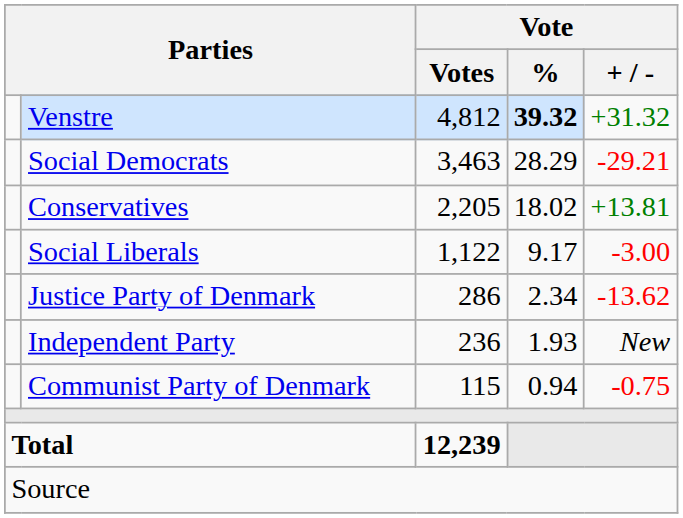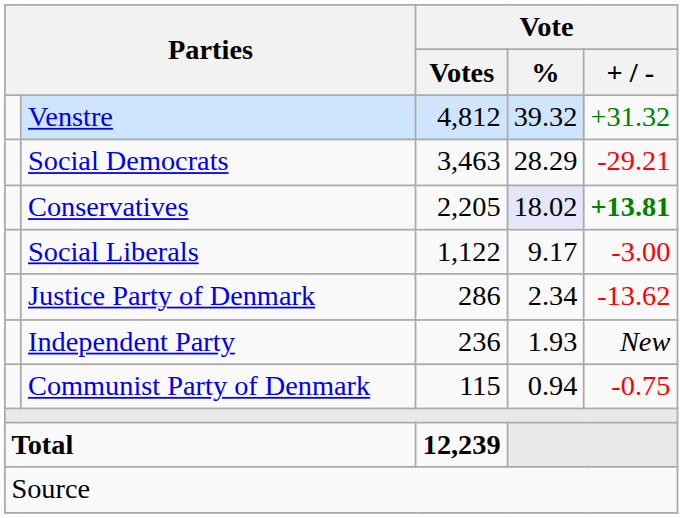 <table class="wikitable" style="text-align:right;">
 <tr>
 <th style="text-align:centre;" rowspan="2" colspan="2" width="225">Parties</th>
 <th colspan="3">Vote</th>
 </tr>
 <tr>
 <th width="15">Votes</th>
 <th width="15">%</th>
 <th width="15">+ / -</th>
 </tr>
 <tr>
 <td width="2" style="color:inherit;background:"></td>
 <td bgcolor=#cfe5fe  align="left"><a href='#'>Venstre</a></td>
 <td bgcolor=#cfe5fe>4,812</td>
-<td bgcolor=#cfe5fe><strong>39.32</strong></td>
+<td bgcolor=#cfe5fe>39.32</td>
 <td style=color:green;>+31.32</td>
 </tr>
 <tr>
 <td width="2" style="color:inherit;background:"></td>
 <td align="left"><a href='#'>Social Democrats</a></td>
 <td>3,463</td>
 <td>28.29</td>
 <td style=color:red;>-29.21</td>
 </tr>
 <tr>
 <td width="2" style="color:inherit;background:"></td>
 <td align="left"><a href='#'>Conservatives</a></td>
 <td>2,205</td>
-<td>18.02</td>
-<td style=color:green;>+13.81</td>
+<td style="background: lavender;">18.02</td>
+<td style=color:green;><strong>+13.81</strong></td>
 </tr>
 <tr>
 <td width="2" style="color:inherit;background:"></td>
 <td align="left"><a href='#'>Social Liberals</a></td>
 <td>1,122</td>
 <td>9.17</td>
 <td style=color:red;>-3.00</td>
 </tr>
 <tr>
 <td width="2" style="color:inherit;background:"></td>
 <td align="left"><a href='#'>Justice Party of Denmark</a></td>
 <td>286</td>
 <td>2.34</td>
 <td style=color:red;>-13.62</td>
 </tr>
 <tr>
 <td width="2" style="color:inherit;background:"></td>
 <td align="left"><a href='#'>Independent Party</a></td>
 <td>236</td>
 <td>1.93</td>
 <td><em>New</em></td>
 </tr>
 <tr>
 <td width="2" style="color:inherit;background:"></td>
 <td align="left"><a href='#'>Communist Party of Denmark</a></td>
 <td>115</td>
 <td>0.94</td>
 <td style=color:red;>-0.75</td>
 </tr>
 <tr>
 <td colspan="7" bgcolor="#E9E9E9"></td>
 </tr>
 <tr>
 <td align="left" colspan="2"><strong>Total</strong></td>
 <td><strong>12,239</strong></td>
 <td bgcolor="#E9E9E9" colspan="2"></td>
 </tr>
 <tr>
 <td align="left" colspan="6">Source</td>
 </tr>
 </table>
